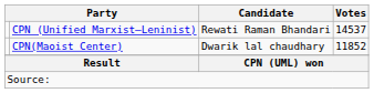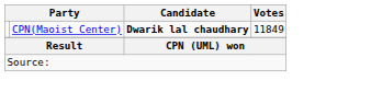 <table class="wikitable">
 <tr>
 <th colspan="2">Party</th>
 <th>Candidate</th>
 <th>Votes</th>
 </tr>
 <tr>
 <td style="background-color:"></td>
-<td><a href='#'>CPN (Unified Marxist–Leninist)</a></td>
-<td>Rewati Raman Bhandari</td>
-<td>14537</td>
-</tr>
-<tr>
-<td style="background-color:"></td>
 <td><a href='#'>CPN(Maoist Center)</a></td>
-<td>Dwarik lal chaudhary</td>
-<td>11852</td>
+<td><strong>Dwarik lal chaudhary</strong></td>
+<td>11849</td>
 </tr>
 <tr>
 </tr>
 <tr>
 <th colspan="2">Result</th>
 <th colspan="2">CPN (UML) won</th>
 </tr>
 <tr>
 <td colspan="4">Source: </td>
 </tr>
 </table>
